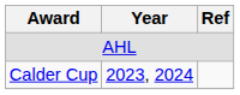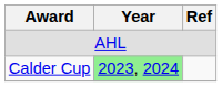 <table class="wikitable">
 <tr>
 <th>Award</th>
 <th>Year</th>
 <th>Ref</th>
 </tr>
 <tr ALIGN="center" bgcolor="#e0e0e0">
 <td colspan="3"><a href='#'>AHL</a></td>
 </tr>
 <tr>
 <td><a href='#'>Calder Cup</a></td>
-<td><a href='#'>2023</a>, <a href='#'>2024</a></td>
+<td style="background: lightgreen;"><a href='#'>2023</a>, <a href='#'>2024</a></td>
 <td></td>
 </tr>
 <tr>
 </tr>
 </table>
